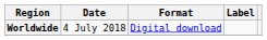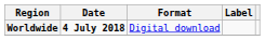 <table class="wikitable plainrowheaders">
 <tr>
 <th scope="col">Region</th>
 <th scope="col">Date</th>
 <th scope="col">Format</th>
 <th scope="col">Label</th>
 <th scope="col"></th>
 </tr>
 <tr>
 <th scope="row">Worldwide</th>
-<td>4 July 2018</td>
+<td><strong>4 July 2018</strong></td>
 <td><a href='#'>Digital download</a></td>
 <td></td>
 <td></td>
 </tr>
 <tr>
 </tr>
 </table>
